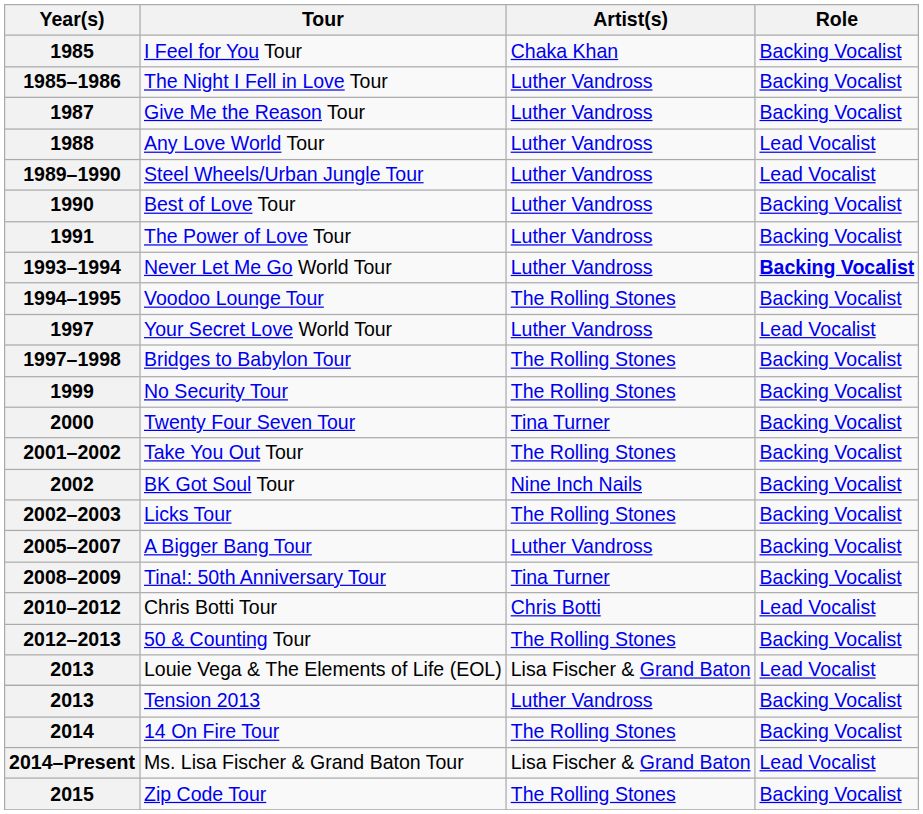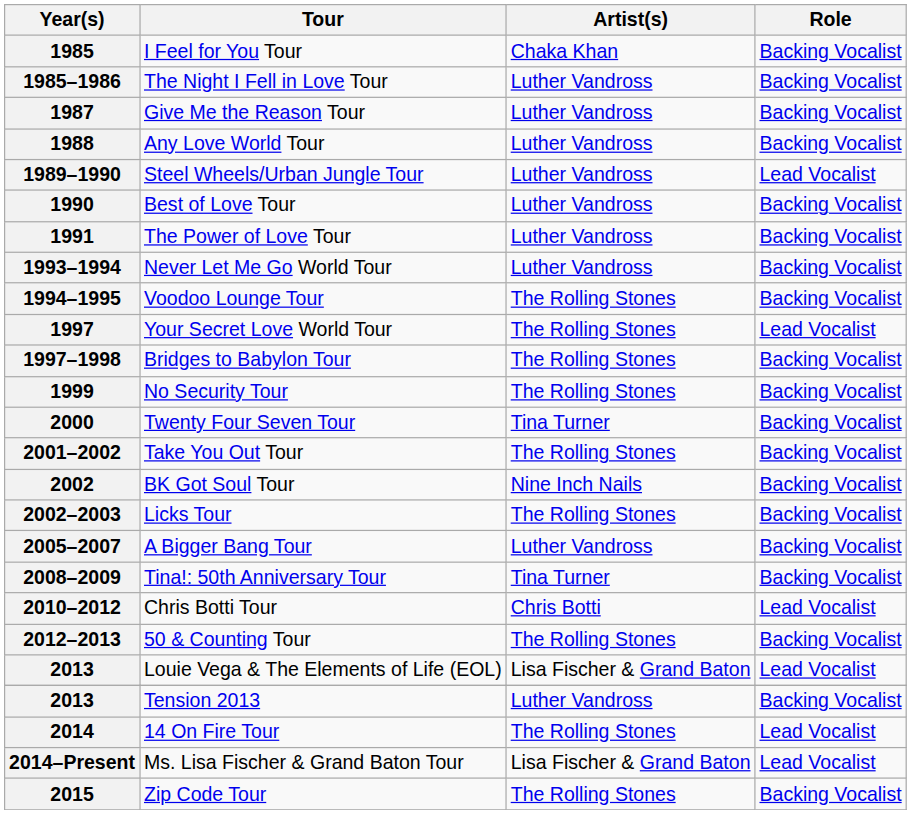 <table class="wikitable plainrowheaders" border="1">
 <tr>
 <th scope="col">Year(s)</th>
 <th scope="col">Tour</th>
 <th scope="col">Artist(s)</th>
 <th scope="col">Role</th>
 </tr>
 <tr>
 <th scope="row">1985</th>
 <td rowspan="1”"><a href='#'>I Feel for You</a> Tour</td>
 <td rowspan="1"><a href='#'>Chaka Khan</a></td>
 <td rowspan="1"><a href='#'>Backing Vocalist</a></td>
 </tr>
 <tr>
 <th scope="row">1985–1986</th>
 <td rowspan="1”"><a href='#'>The Night I Fell in Love</a> Tour</td>
 <td rowspan="1"><a href='#'>Luther Vandross</a></td>
 <td rowspan="1"><a href='#'>Backing Vocalist</a></td>
 </tr>
 <tr>
 <th scope="row">1987</th>
 <td rowspan="1”"><a href='#'>Give Me the Reason</a> Tour</td>
 <td rowspan="1"><a href='#'>Luther Vandross</a></td>
 <td rowspan="1"><a href='#'>Backing Vocalist</a></td>
 </tr>
 <tr>
 <th scope="row">1988</th>
 <td rowspan="1”"><a href='#'>Any Love World</a> Tour</td>
 <td rowspan="1"><a href='#'>Luther Vandross</a></td>
-<td rowspan="1"><a href='#'>Lead Vocalist</a></td>
+<td rowspan="1"><a href='#'>Backing Vocalist</a></td>
 </tr>
 <tr>
 <th scope="row">1989–1990</th>
 <td rowspan="1”"><a href='#'>Steel Wheels/Urban Jungle Tour</a></td>
 <td rowspan="1"><a href='#'>Luther Vandross</a></td>
 <td rowspan="1"><a href='#'>Lead Vocalist</a></td>
 </tr>
 <tr>
 <th scope="row">1990</th>
 <td rowspan="1”"><a href='#'>Best of Love</a> Tour</td>
 <td rowspan="1"><a href='#'>Luther Vandross</a></td>
 <td rowspan="1"><a href='#'>Backing Vocalist</a></td>
 </tr>
 <tr>
 <th scope="row">1991</th>
 <td rowspan="1”"><a href='#'>The Power of Love</a> Tour</td>
 <td rowspan="1"><a href='#'>Luther Vandross</a></td>
 <td rowspan="1"><a href='#'>Backing Vocalist</a></td>
 </tr>
 <tr>
 <th scope="row">1993–1994</th>
 <td rowspan="1”"><a href='#'>Never Let Me Go</a> World Tour</td>
 <td rowspan="1"><a href='#'>Luther Vandross</a></td>
-<td rowspan="1"><strong><a href='#'>Backing Vocalist</a></strong></td>
+<td rowspan="1"><a href='#'>Backing Vocalist</a></td>
 </tr>
 <tr>
 <th scope="row">1994–1995</th>
 <td rowspan="1”"><a href='#'>Voodoo Lounge Tour</a></td>
 <td rowspan="1"><a href='#'>The Rolling Stones</a></td>
 <td rowspan="1"><a href='#'>Backing Vocalist</a></td>
 </tr>
 <tr>
 <th scope="row">1997</th>
 <td rowspan="1”"><a href='#'>Your Secret Love</a> World Tour</td>
-<td rowspan="1"><a href='#'>Luther Vandross</a></td>
+<td rowspan="1"><a href='#'>The Rolling Stones</a></td>
 <td rowspan="1"><a href='#'>Lead Vocalist</a></td>
 </tr>
 <tr>
 <th scope="row">1997–1998</th>
 <td rowspan="1”"><a href='#'>Bridges to Babylon Tour</a></td>
 <td rowspan="1"><a href='#'>The Rolling Stones</a></td>
 <td rowspan="1"><a href='#'>Backing Vocalist</a></td>
 </tr>
 <tr>
 <th scope="row">1999</th>
 <td rowspan="1”"><a href='#'>No Security Tour</a></td>
 <td rowspan="1"><a href='#'>The Rolling Stones</a></td>
 <td rowspan="1"><a href='#'>Backing Vocalist</a></td>
 </tr>
 <tr>
 <th scope="row">2000</th>
 <td rowspan="1”"><a href='#'>Twenty Four Seven Tour</a></td>
 <td rowspan="1"><a href='#'>Tina Turner</a></td>
 <td rowspan="1"><a href='#'>Backing Vocalist</a></td>
 </tr>
 <tr>
 <th scope="row">2001–2002</th>
 <td rowspan="1”"><a href='#'>Take You Out</a> Tour</td>
 <td rowspan="1"><a href='#'>The Rolling Stones</a></td>
 <td rowspan="1"><a href='#'>Backing Vocalist</a></td>
 </tr>
 <tr>
 <th scope="row">2002</th>
 <td rowspan="1”"><a href='#'>BK Got Soul</a> Tour</td>
 <td rowspan="1"><a href='#'>Nine Inch Nails</a></td>
 <td rowspan="1"><a href='#'>Backing Vocalist</a></td>
 </tr>
 <tr>
 <th scope="row">2002–2003</th>
 <td rowspan="1”"><a href='#'>Licks Tour</a></td>
 <td rowspan="1"><a href='#'>The Rolling Stones</a></td>
 <td rowspan="1"><a href='#'>Backing Vocalist</a></td>
 </tr>
 <tr>
 <th scope="row">2005–2007</th>
 <td rowspan="1”"><a href='#'>A Bigger Bang Tour</a></td>
 <td rowspan="1"><a href='#'>Luther Vandross</a></td>
 <td rowspan="1"><a href='#'>Backing Vocalist</a></td>
 </tr>
 <tr>
 <th scope="row">2008–2009</th>
 <td rowspan="1”"><a href='#'>Tina!: 50th Anniversary Tour</a></td>
 <td rowspan="1"><a href='#'>Tina Turner</a></td>
 <td rowspan="1"><a href='#'>Backing Vocalist</a></td>
 </tr>
 <tr>
 <th scope="row">2010–2012</th>
 <td rowspan="1”">Chris Botti Tour</td>
 <td rowspan="1"><a href='#'>Chris Botti</a></td>
 <td rowspan="1"><a href='#'>Lead Vocalist</a></td>
 </tr>
 <tr>
 <th scope="row">2012–2013</th>
 <td rowspan="1”"><a href='#'>50 & Counting</a> Tour</td>
 <td rowspan="1"><a href='#'>The Rolling Stones</a></td>
 <td rowspan="1"><a href='#'>Backing Vocalist</a></td>
 </tr>
 <tr>
 <th scope="row">2013</th>
 <td rowspan="1”">Louie Vega & The Elements of Life (EOL)</td>
 <td rowspan="1">Lisa Fischer & <a href='#'>Grand Baton</a></td>
 <td rowspan="1"><a href='#'>Lead Vocalist</a></td>
 </tr>
 <tr>
 </tr>
 <tr>
 <th scope="row">2013</th>
 <td rowspan="1”"><a href='#'>Tension 2013</a></td>
 <td rowspan="1"><a href='#'>Luther Vandross</a></td>
 <td rowspan="1"><a href='#'>Backing Vocalist</a></td>
 </tr>
 <tr>
 <th scope="row">2014</th>
 <td rowspan="1”"><a href='#'>14 On Fire Tour</a></td>
 <td rowspan="1"><a href='#'>The Rolling Stones</a></td>
-<td rowspan="1"><a href='#'>Backing Vocalist</a></td>
+<td rowspan="1"><a href='#'>Lead Vocalist</a></td>
 </tr>
 <tr>
 <th scope="row">2014–Present</th>
 <td rowspan="1”">Ms. Lisa Fischer & Grand Baton Tour</td>
 <td rowspan="1">Lisa Fischer & <a href='#'>Grand Baton</a></td>
 <td rowspan="1"><a href='#'>Lead Vocalist</a></td>
 </tr>
 <tr>
 <th scope="row">2015</th>
 <td rowspan="1”"><a href='#'>Zip Code Tour</a></td>
 <td rowspan="1"><a href='#'>The Rolling Stones</a></td>
 <td rowspan="1"><a href='#'>Backing Vocalist</a></td>
 </tr>
 </table>
